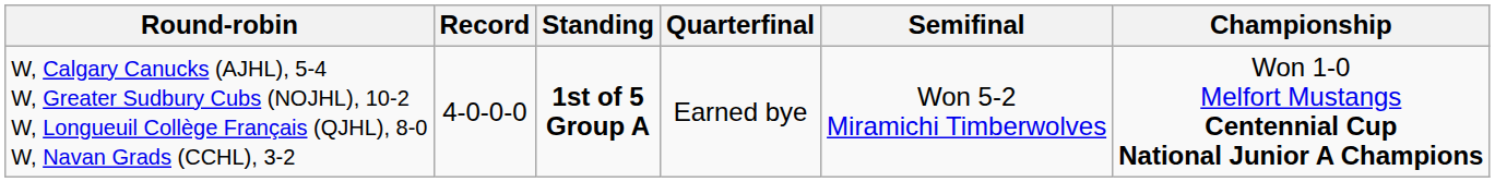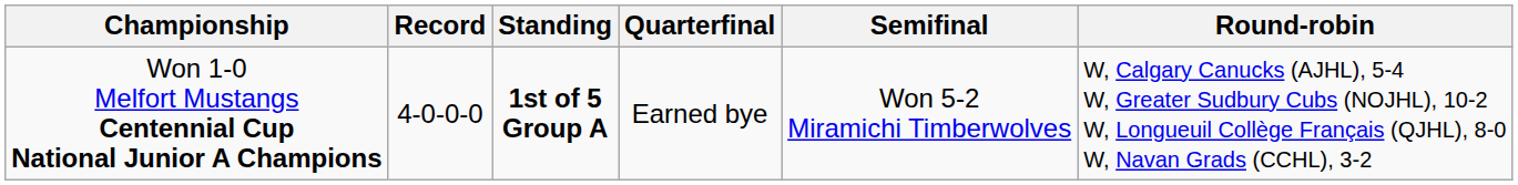 <table class="wikitable" style="text-align:center;">
 <tr>
-<th>Round-robin</th>
+<th>Championship</th>
 <th>Record</th>
 <th>Standing</th>
 <th>Quarterfinal</th>
 <th>Semifinal</th>
-<th>Championship</th>
+<th>Round-robin</th>
 </tr>
 <tr>
-<td align=left><small>W, <a href='#'>Calgary Canucks</a> (AJHL), 5-4<br>W, <a href='#'>Greater Sudbury Cubs</a> (NOJHL), 10-2<br>W, <a href='#'>Longueuil Collège Français</a> (QJHL), 8-0<br>W, <a href='#'>Navan Grads</a> (CCHL), 3-2</small></td>
+<td>Won    1-0<br><a href='#'>Melfort Mustangs</a><br><strong>Centennial Cup<br> National Junior A Champions</strong></td>
 <td>4-0-0-0</td>
 <td><strong>1st of 5 <br>Group A</strong></td>
 <td>Earned bye</td>
 <td>Won   5-2<br><a href='#'>Miramichi Timberwolves</a></td>
-<td>Won    1-0<br><a href='#'>Melfort Mustangs</a><br><strong>Centennial Cup<br> National Junior A Champions</strong></td>
+<td align=left><small>W, <a href='#'>Calgary Canucks</a> (AJHL), 5-4<br>W, <a href='#'>Greater Sudbury Cubs</a> (NOJHL), 10-2<br>W, <a href='#'>Longueuil Collège Français</a> (QJHL), 8-0<br>W, <a href='#'>Navan Grads</a> (CCHL), 3-2</small></td>
 </tr>
 </table>
